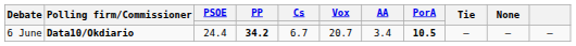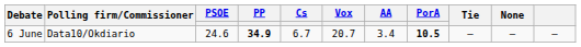 <table class="wikitable" style="font-size:90%; text-align:center;">
 <tr>
 <th rowspan="2">Debate</th>
 <th rowspan="2">Polling firm/Commissioner</th>
 <th style="width:45px;"><a href='#'>PSOE</a></th>
 <th style="width:45px;"><a href='#'>PP</a></th>
 <th style="width:45px;"><a href='#'>Cs</a></th>
 <th style="width:45px;"><a href='#'>Vox</a></th>
 <th style="width:45px;"><a href='#'>AA</a></th>
 <th style="width:45px;"><a href='#'>PorA</a></th>
 <th style="width:45px;" rowspan="2">Tie</th>
 <th style="width:45px;" rowspan="2">None</th>
 <th style="width:45px;" rowspan="2"></th>
 </tr>
 <tr>
 <th style="color:inherit;background:"></th>
 <th style="color:inherit;background:"></th>
 <th style="color:inherit;background:"></th>
 <th style="color:inherit;background:"></th>
 <th style="color:inherit;background:"></th>
 <th style="color:inherit;background:"></th>
 </tr>
 <tr>
 <td align="left">6 June</td>
-<td align="left"><strong>Data10/Okdiario</strong></td>
-<td>24.4</td>
-<td><strong>34.2</strong></td>
+<td align="left">Data10/Okdiario</td>
+<td>24.6</td>
+<td><strong>34.9</strong></td>
 <td>6.7</td>
 <td>20.7</td>
 <td>3.4</td>
 <td><strong>10.5</strong></td>
 <td>–</td>
 <td>–</td>
 <td>–</td>
 </tr>
 </table>
